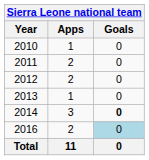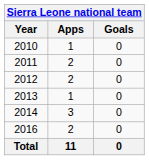 <table class="wikitable" style="text-align:center">
 <tr>
 <th colspan=3><a href='#'>Sierra Leone national team</a></th>
 </tr>
 <tr>
 <th>Year</th>
 <th>Apps</th>
 <th>Goals</th>
 </tr>
 <tr>
 <td>2010</td>
 <td>1</td>
 <td>0</td>
 </tr>
 <tr>
 <td>2011</td>
 <td>2</td>
 <td>0</td>
 </tr>
 <tr>
 <td>2012</td>
 <td>2</td>
 <td>0</td>
 </tr>
 <tr>
 <td>2013</td>
 <td>1</td>
 <td>0</td>
 </tr>
 <tr>
 <td>2014</td>
 <td>3</td>
-<td><strong>0</strong></td>
+<td>0</td>
 </tr>
 <tr>
 <td>2016</td>
 <td>2</td>
-<td style="background: lightblue;">0</td>
+<td>0</td>
 </tr>
 <tr>
 <th>Total</th>
 <th>11</th>
 <th>0</th>
 </tr>
 </table>
